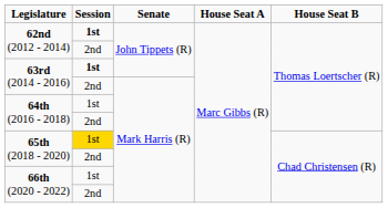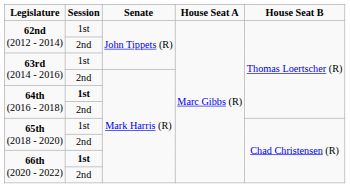 <table class=wikitable style="text-align:center">
 <tr>
 <td><strong>Legislature</strong></td>
 <td><strong>Session</strong></td>
 <td><strong>Senate</strong></td>
 <td><strong>House Seat A</strong></td>
 <td><strong>House Seat B</strong></td>
 </tr>
 <tr>
 <td rowspan="2" colspan="1" style="text-align: center;"><strong>62nd</strong> <br> (2012 - 2014)</td>
-<td><strong>1st</strong></td>
+<td>1st</td>
 <td rowspan="3" colspan="1" style="text-align: center;" ><a href='#'>John Tippets</a> (R)</td>
 <td rowspan="10" colspan="1" style="text-align: center;" ><a href='#'>Marc Gibbs</a> (R)</td>
 <td rowspan="6" colspan="1" style="text-align: center;" ><a href='#'>Thomas Loertscher</a> (R)</td>
 </tr>
 <tr>
 <td>2nd</td>
 </tr>
 <tr>
 <td rowspan="2" colspan="1" style="text-align: center;"><strong>63rd</strong> <br> (2014 - 2016)</td>
-<td><strong>1st</strong></td>
+<td>1st</td>
 </tr>
 <tr>
 <td>2nd</td>
 <td rowspan="7" colspan="1" style="text-align: center;" ><a href='#'>Mark Harris</a> (R)</td>
 </tr>
 <tr>
 <td rowspan="2" colspan="1" style="text-align: center;"><strong>64th</strong> <br> (2016 - 2018)</td>
-<td>1st</td>
+<td><strong>1st</strong></td>
 </tr>
 <tr>
 <td>2nd</td>
 </tr>
 <tr>
 <td rowspan="2" colspan="1" style="text-align: center;"><strong>65th</strong> <br> (2018 - 2020)</td>
-<td style="background: gold;">1st</td>
+<td>1st</td>
 <td rowspan="4" colspan="1" style="text-align: center;" ><a href='#'>Chad Christensen</a> (R)</td>
 </tr>
 <tr>
 <td>2nd</td>
 </tr>
 <tr>
 <td rowspan="2" colspan="1" style="text-align: center;"><strong>66th</strong> <br> (2020 - 2022)</td>
-<td>1st</td>
+<td><strong>1st</strong></td>
 </tr>
 <tr>
 <td>2nd</td>
 </tr>
 </table>
